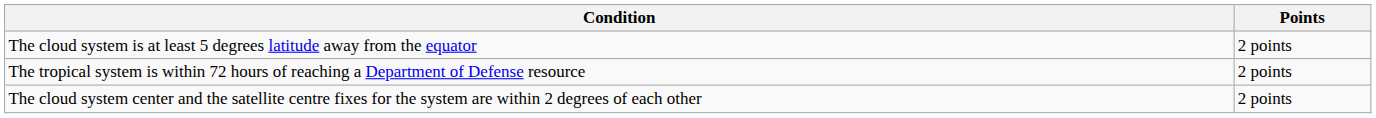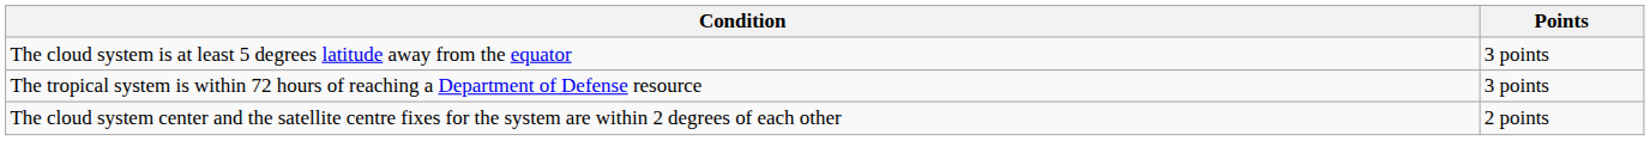 <table class="wikitable" width="65%">
 <tr>
 <th width="90%">Condition</th>
 <th width="10%">Points</th>
 </tr>
 <tr>
 <td>The cloud system is at least 5 degrees <a href='#'>latitude</a> away from the <a href='#'>equator</a></td>
-<td><div>2 points</div></td>
+<td><div>3 points</div></td>
 </tr>
 <tr>
 <td>The tropical system is within 72 hours of reaching a <a href='#'>Department of Defense</a> resource</td>
-<td><div>2 points</div></td>
+<td><div>3 points</div></td>
 </tr>
 <tr>
 <td>The cloud system center and the satellite centre fixes for the system are within 2 degrees of each other</td>
 <td><div>2 points</div></td>
 </tr>
 </table>
